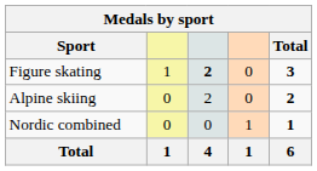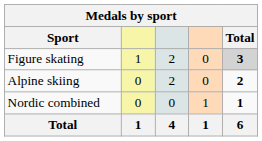 <table class="wikitable" style="font-size:90%; text-align:center;">
 <tr>
 <th colspan=5>Medals by sport</th>
 </tr>
 <tr>
 <th width=120>Sport</th>
 <th scope="col" width=30 style="background:#F7F6A8;"></th>
 <th scope="col" width=30 style="background:#DCE5E5;"></th>
 <th scope="col" width=30 style="background:#FFDAB9;"></th>
 <th width=30>Total</th>
 </tr>
 <tr>
 <td align=left>Figure skating</td>
 <td style="background:#F7F6A8;">1</td>
-<td style="background:#DCE5E5;"><strong>2</strong></td>
+<td style="background:#DCE5E5;">2</td>
 <td style="background:#FFDAB9;">0</td>
-<td><strong>3</strong></td>
+<td style="background: lightgrey;"><strong>3</strong></td>
 </tr>
 <tr>
 <td align=left>Alpine skiing</td>
 <td style="background:#F7F6A8;">0</td>
 <td style="background:#DCE5E5;">2</td>
 <td style="background:#FFDAB9;">0</td>
 <td><strong>2</strong></td>
 </tr>
 <tr>
 <td align=left>Nordic combined</td>
 <td style="background:#F7F6A8;">0</td>
 <td style="background:#DCE5E5;">0</td>
 <td style="background:#FFDAB9;">1</td>
 <td><strong>1</strong></td>
 </tr>
 <tr class="sortbottom">
 <th>Total</th>
 <th>1</th>
 <th>4</th>
 <th>1</th>
 <th>6</th>
 </tr>
 </table>
